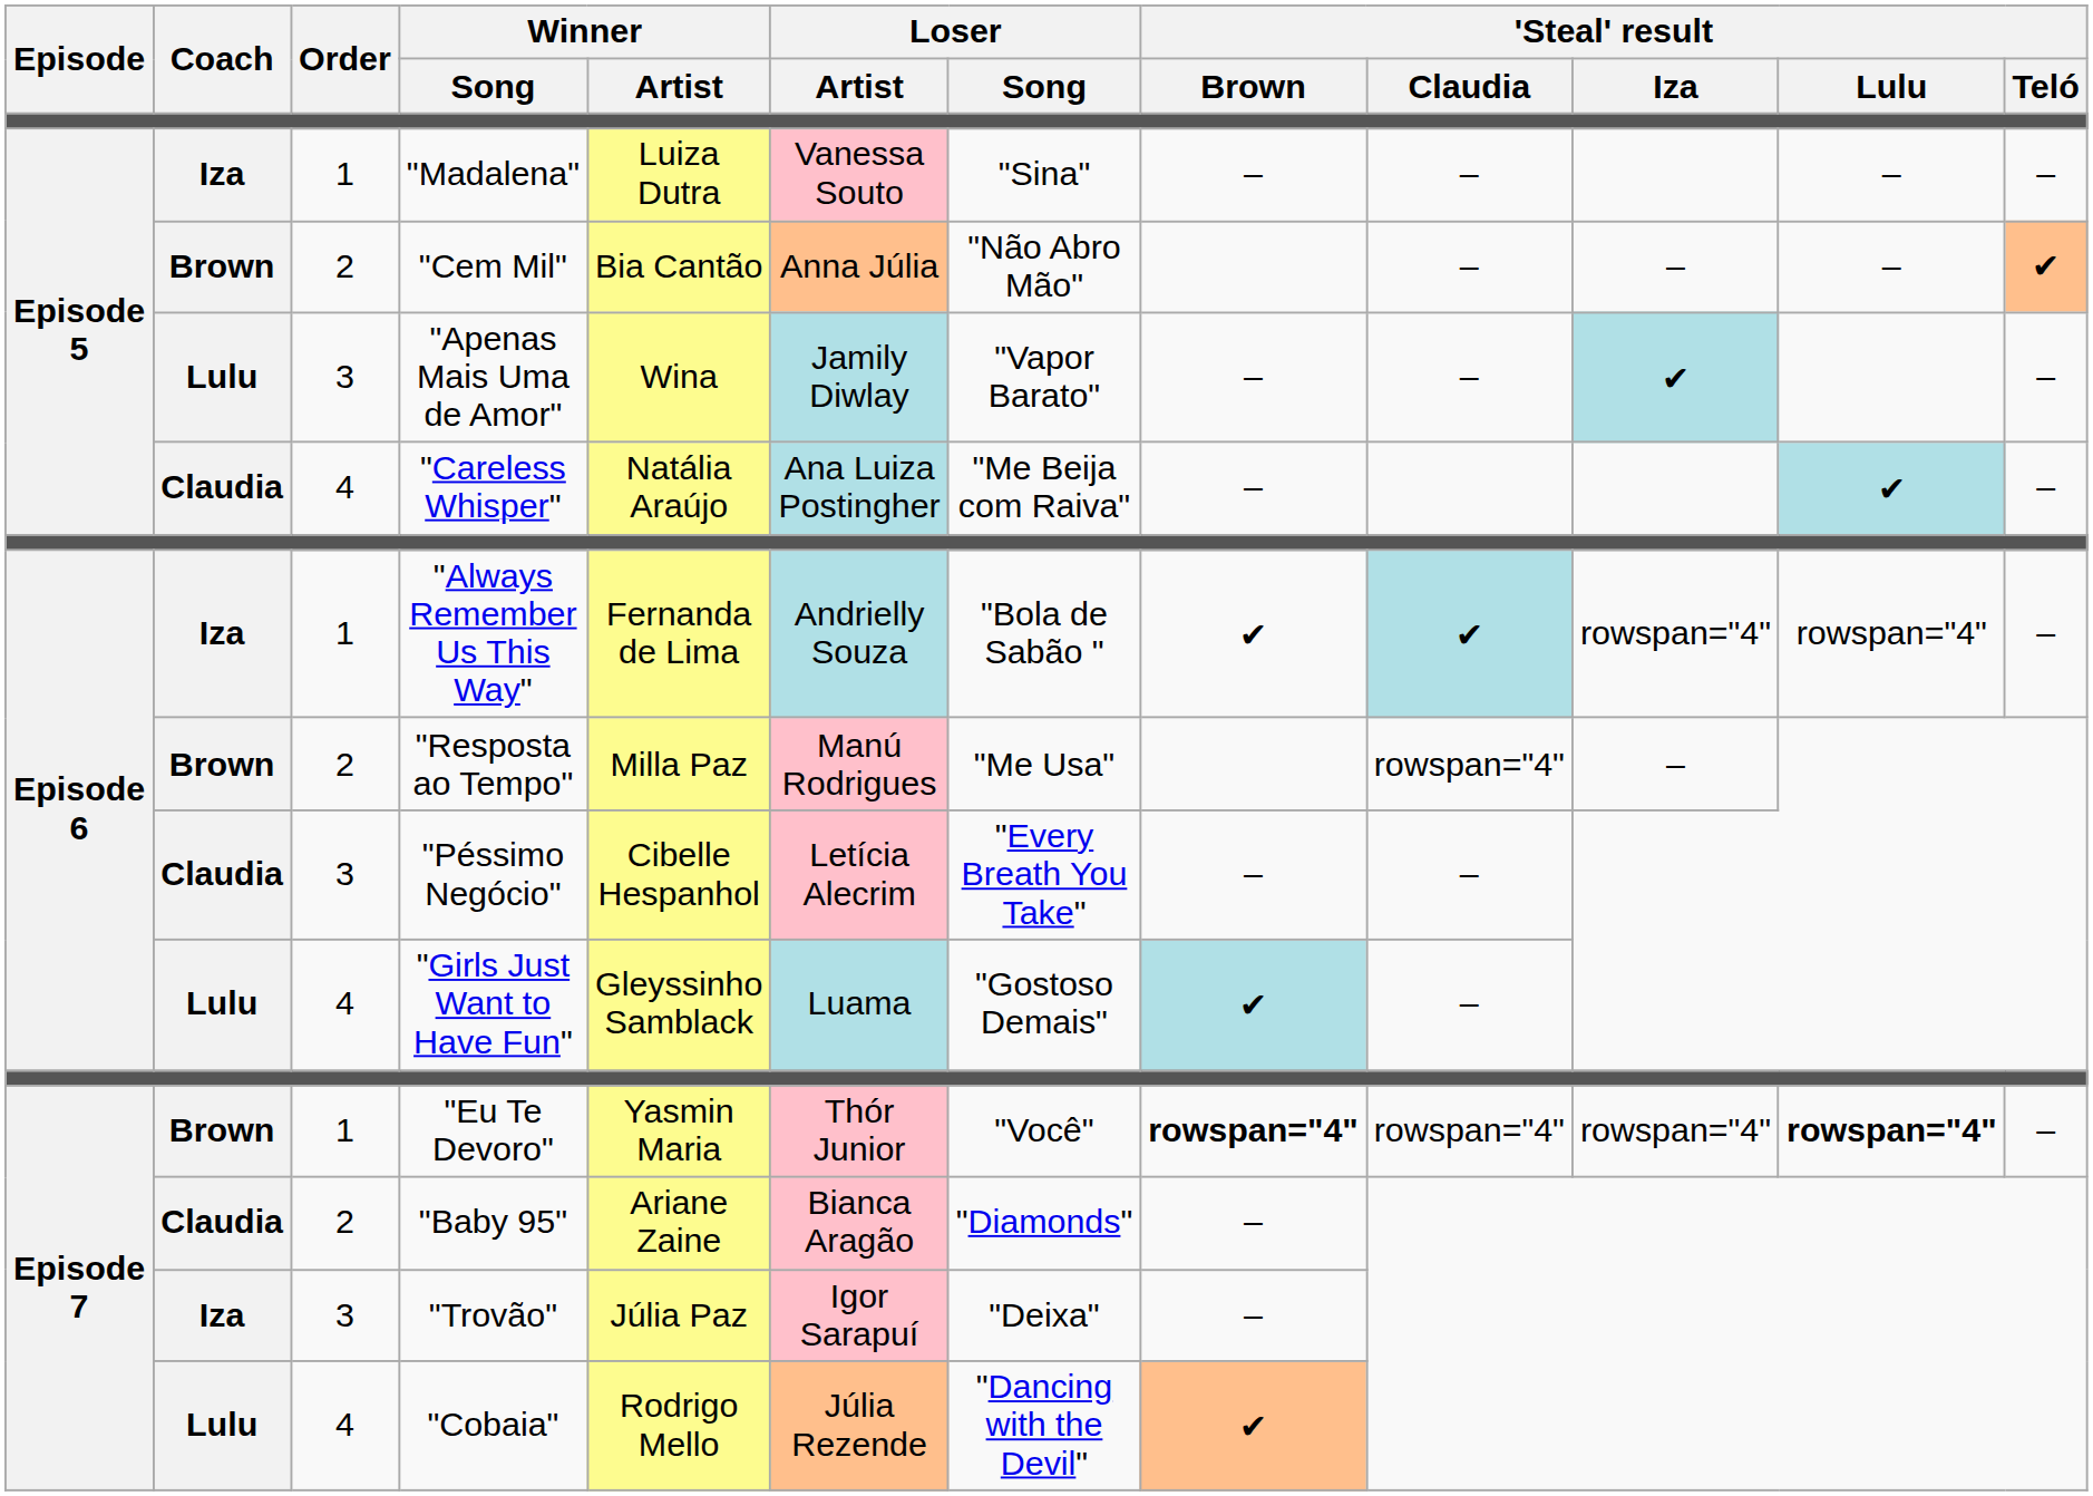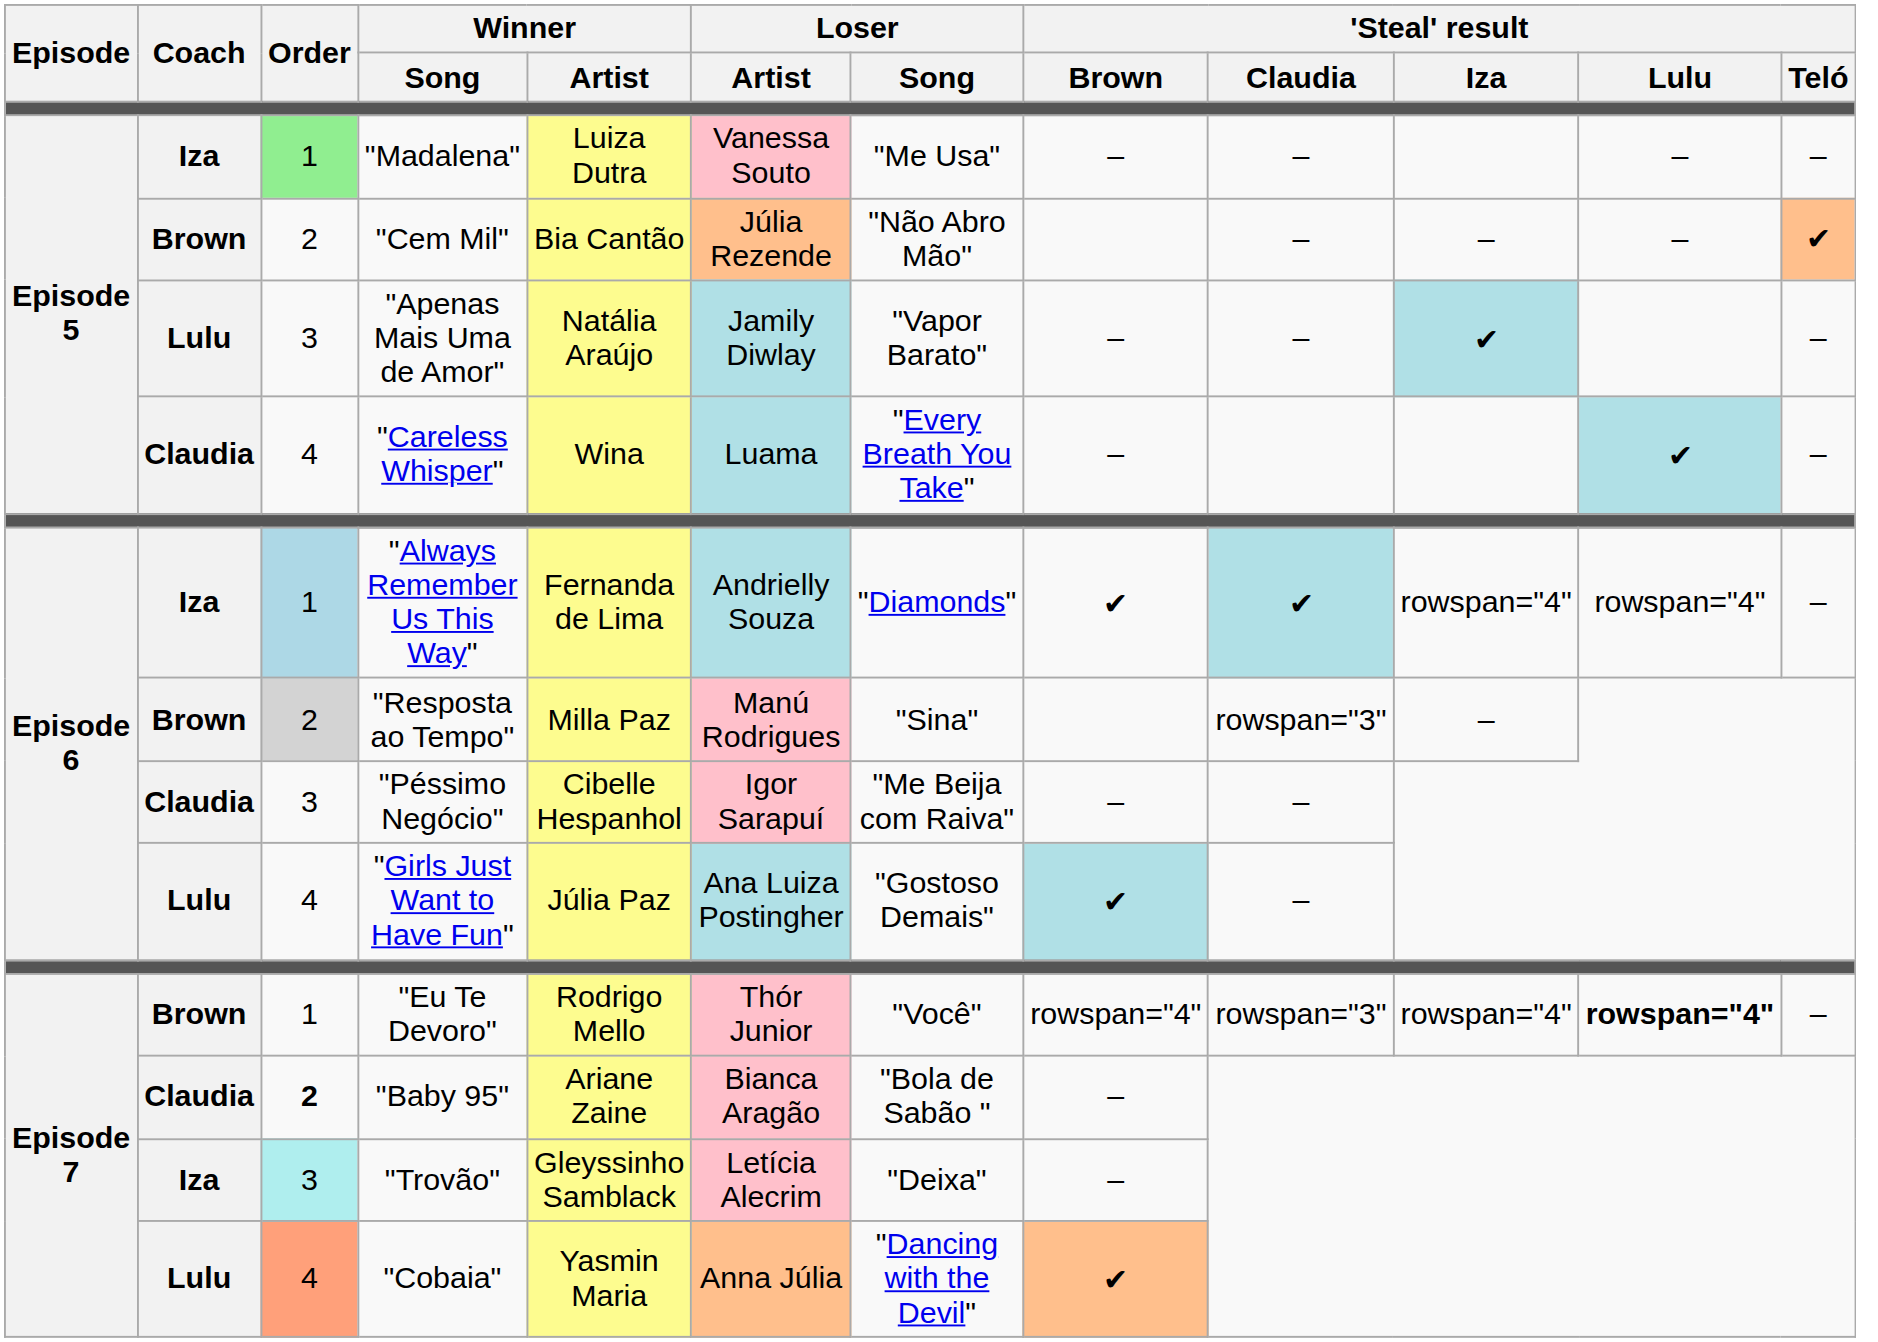 <table class="wikitable" style="text-align: center; width:100%">
 <tr>
 <th scope="col" width="06%" rowspan="2">Episode</th>
 <th scope="col" width="05%" rowspan="2">Coach</th>
 <th scope="col" width="01%" rowspan="2">Order</th>
 <th scope="col" colspan="2">Winner</th>
 <th scope="col" colspan="2">Loser</th>
 <th scope="col" width="25%" colspan="5">'Steal' result</th>
 </tr>
 <tr>
 <th width="13%">Song</th>
 <th width="11%">Artist</th>
 <th width="11%">Artist</th>
 <th width="13%">Song</th>
 <th width="05%">Brown</th>
 <th width="05%">Claudia</th>
 <th width="05%">Iza</th>
 <th width="05%">Lulu</th>
 <th width="05%">Teló</th>
 </tr>
 <tr>
 <td colspan="13" style="background:#555"></td>
 </tr>
 <tr>
 <th rowspan="4">Episode 5<br></th>
 <th>Iza</th>
-<td>1</td>
+<td style="background: lightgreen;">1</td>
 <td>"Madalena"</td>
 <td bgcolor="#FDFC8F">Luiza Dutra</td>
 <td bgcolor="#FFC0CB">Vanessa Souto</td>
-<td>"Sina"</td>
+<td>"Me Usa"</td>
 <td>–</td>
 <td>–</td>
 <td></td>
 <td>–</td>
 <td>–</td>
 </tr>
 <tr>
 <th>Brown</th>
 <td>2</td>
 <td>"Cem Mil"</td>
 <td bgcolor="#FDFC8F">Bia Cantão</td>
-<td bgcolor="#FFBF8C">Anna Júlia</td>
+<td bgcolor="#FFBF8C">Júlia Rezende</td>
 <td>"Não Abro Mão"</td>
 <td></td>
 <td>–</td>
 <td>–</td>
 <td>–</td>
 <td bgcolor="#FFBF8C">✔</td>
 </tr>
 <tr>
 <th>Lulu</th>
 <td>3</td>
 <td>"Apenas Mais Uma de Amor"</td>
-<td bgcolor="#FDFC8F">Wina</td>
+<td bgcolor="#FDFC8F">Natália Araújo</td>
 <td bgcolor="#B0E0E6">Jamily Diwlay</td>
 <td>"Vapor Barato"</td>
 <td>–</td>
 <td>–</td>
 <td bgcolor="#B0E0E6">✔</td>
 <td></td>
 <td>–</td>
 </tr>
 <tr>
 <th>Claudia</th>
 <td>4</td>
 <td>"<a href='#'>Careless Whisper</a>"</td>
-<td bgcolor="#FDFC8F">Natália Araújo</td>
-<td bgcolor="#B0E0E6">Ana Luiza Postingher</td>
-<td>"Me Beija com Raiva"</td>
+<td bgcolor="#FDFC8F">Wina</td>
+<td bgcolor="#B0E0E6">Luama</td>
+<td>"<a href='#'>Every Breath You Take</a>"</td>
 <td>–</td>
 <td></td>
 <td></td>
 <td bgcolor="#B0E0E6">✔</td>
 <td>–</td>
 </tr>
 <tr>
 <td colspan="13" style="background:#555"></td>
 </tr>
 <tr>
 <th rowspan="4">Episode 6<br></th>
 <th>Iza</th>
-<td>1</td>
+<td style="background: lightblue;">1</td>
 <td>"<a href='#'>Always Remember Us This Way</a>"</td>
 <td bgcolor="#FDFC8F">Fernanda de Lima</td>
 <td bgcolor="#B0E0E6">Andrielly Souza</td>
-<td>"Bola de Sabão "</td>
+<td>"<a href='#'>Diamonds</a>"</td>
 <td>✔</td>
 <td bgcolor="#B0E0E6">✔</td>
 <td>rowspan="4" </td>
 <td>rowspan="4" </td>
 <td>–</td>
 </tr>
 <tr>
 <th>Brown</th>
-<td>2</td>
+<td style="background: lightgrey;">2</td>
 <td>"Resposta ao Tempo"</td>
 <td bgcolor="#FDFC8F">Milla Paz</td>
 <td bgcolor="pink">Manú Rodrigues</td>
-<td>"Me Usa"</td>
+<td>"Sina"</td>
 <td></td>
-<td>rowspan="4" </td>
+<td>rowspan="3" </td>
 <td>–</td>
 </tr>
 <tr>
 <th>Claudia</th>
 <td>3</td>
 <td>"Péssimo Negócio"</td>
 <td bgcolor="#FDFC8F">Cibelle Hespanhol</td>
-<td bgcolor="pink">Letícia Alecrim</td>
-<td>"<a href='#'>Every Breath You Take</a>"</td>
+<td bgcolor="pink">Igor Sarapuí</td>
+<td>"Me Beija com Raiva"</td>
 <td>–</td>
 <td>–</td>
 </tr>
 <tr>
 <th>Lulu</th>
 <td>4</td>
 <td>"<a href='#'>Girls Just Want to Have Fun</a>"</td>
-<td bgcolor="#FDFC8F">Gleyssinho Samblack</td>
-<td bgcolor="#B0E0E6">Luama</td>
+<td bgcolor="#FDFC8F">Júlia Paz</td>
+<td bgcolor="#B0E0E6">Ana Luiza Postingher</td>
 <td>"Gostoso Demais"</td>
 <td bgcolor="#B0E0E6">✔</td>
 <td>–</td>
 </tr>
 <tr>
 <td colspan="13" style="background:#555"></td>
 </tr>
 <tr>
 <th rowspan="4">Episode 7<br></th>
 <th>Brown</th>
 <td>1</td>
 <td>"Eu Te Devoro"</td>
-<td bgcolor="#FDFC8F">Yasmin Maria</td>
+<td bgcolor="#FDFC8F">Rodrigo Mello</td>
 <td bgcolor="pink">Thór Junior</td>
 <td>"Você"</td>
-<td><strong>rowspan="4" </strong></td>
 <td>rowspan="4" </td>
+<td>rowspan="3" </td>
 <td>rowspan="4" </td>
 <td><strong>rowspan="4" </strong></td>
 <td>–</td>
 </tr>
 <tr>
 <th>Claudia</th>
-<td>2</td>
+<td><strong>2</strong></td>
 <td>"Baby 95"</td>
 <td bgcolor="#FDFC8F">Ariane Zaine</td>
 <td bgcolor="pink">Bianca Aragão</td>
-<td>"<a href='#'>Diamonds</a>"</td>
+<td>"Bola de Sabão "</td>
 <td>–</td>
 </tr>
 <tr>
 <th>Iza</th>
-<td>3</td>
+<td style="background: paleturquoise;">3</td>
 <td>"Trovão"</td>
-<td bgcolor="#FDFC8F">Júlia Paz</td>
-<td bgcolor="pink">Igor Sarapuí</td>
+<td bgcolor="#FDFC8F">Gleyssinho Samblack</td>
+<td bgcolor="pink">Letícia Alecrim</td>
 <td>"Deixa"</td>
 <td>–</td>
 </tr>
 <tr>
 <th>Lulu</th>
-<td>4</td>
+<td style="background: lightsalmon;">4</td>
 <td>"Cobaia"</td>
-<td bgcolor="#FDFC8F">Rodrigo Mello</td>
-<td bgcolor="#FFBF8C">Júlia Rezende</td>
+<td bgcolor="#FDFC8F">Yasmin Maria</td>
+<td bgcolor="#FFBF8C">Anna Júlia</td>
 <td>"<a href='#'>Dancing with the Devil</a>"</td>
 <td bgcolor="#FFBF8C">✔</td>
 </tr>
 </table>
